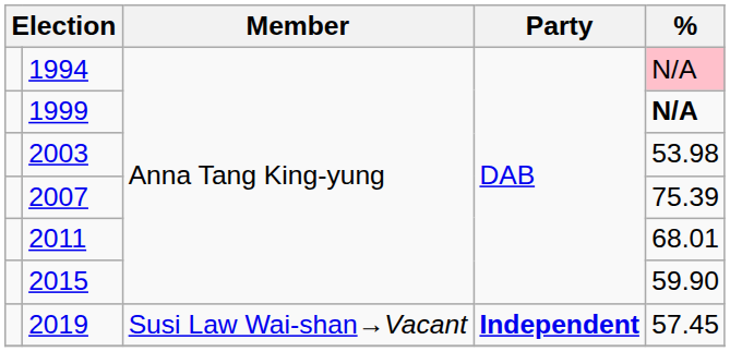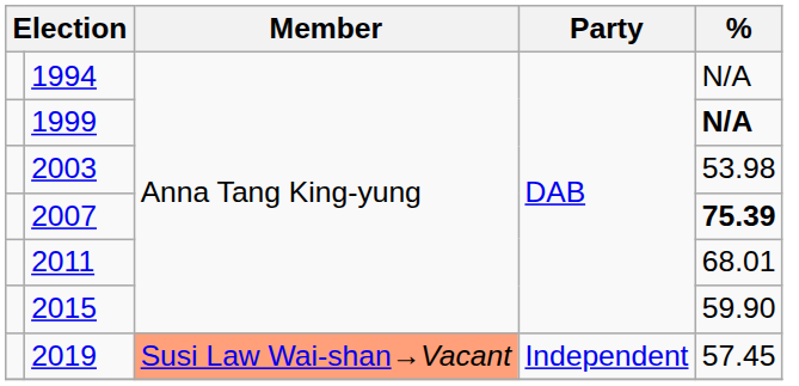 <table class="wikitable">
 <tr>
 <th colspan="2">Election</th>
 <th>Member</th>
 <th>Party</th>
 <th>%</th>
 </tr>
 <tr>
 <td style="background-color:"></td>
 <td><a href='#'>1994</a></td>
 <td rowspan=6>Anna Tang King-yung</td>
 <td rowspan=6><a href='#'>DAB</a></td>
-<td style="background: pink;">N/A</td>
+<td>N/A</td>
 </tr>
 <tr>
 <td style="background-color:"></td>
 <td><a href='#'>1999</a></td>
 <td><strong>N/A</strong></td>
 </tr>
 <tr>
 <td style="background-color:"></td>
 <td><a href='#'>2003</a></td>
 <td>53.98</td>
 </tr>
 <tr>
 <td style="background-color:"></td>
 <td><a href='#'>2007</a></td>
-<td>75.39</td>
+<td><strong>75.39</strong></td>
 </tr>
 <tr>
 <td style="background-color:"></td>
 <td><a href='#'>2011</a></td>
 <td>68.01</td>
 </tr>
 <tr>
 <td style="background-color:"></td>
 <td><a href='#'>2015</a></td>
 <td>59.90</td>
 </tr>
 <tr>
 <td style="background-color:"></td>
 <td><a href='#'>2019</a></td>
-<td><a href='#'>Susi Law Wai-shan</a>→<em>Vacant</em></td>
-<td><strong><a href='#'>Independent</a></strong></td>
+<td style="background: lightsalmon;"><a href='#'>Susi Law Wai-shan</a>→<em>Vacant</em></td>
+<td><a href='#'>Independent</a></td>
 <td>57.45</td>
 </tr>
 <tr>
 </tr>
 </table>
